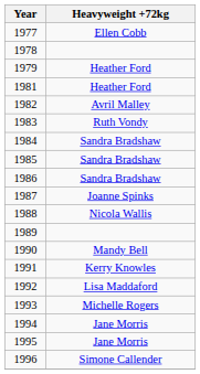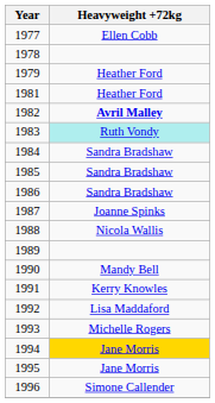 <table class="wikitable" style="text-align:center">
 <tr>
 <th width=50>Year</th>
 <th width=200>Heavyweight +72kg</th>
 </tr>
 <tr>
 <td>1977</td>
 <td><a href='#'>Ellen Cobb</a></td>
 </tr>
 <tr>
 <td>1978</td>
 <td></td>
 </tr>
 <tr>
 <td>1979</td>
 <td><a href='#'>Heather Ford</a></td>
 </tr>
 <tr>
 <td>1981</td>
 <td><a href='#'>Heather Ford</a></td>
 </tr>
 <tr>
 <td>1982</td>
-<td><a href='#'>Avril Malley</a></td>
+<td><strong><a href='#'>Avril Malley</a></strong></td>
 </tr>
 <tr>
 <td>1983</td>
-<td><a href='#'>Ruth Vondy</a></td>
+<td style="background: paleturquoise;"><a href='#'>Ruth Vondy</a></td>
 </tr>
 <tr>
 <td>1984</td>
 <td><a href='#'>Sandra Bradshaw</a></td>
 </tr>
 <tr>
 <td>1985</td>
 <td><a href='#'>Sandra Bradshaw</a></td>
 </tr>
 <tr>
 <td>1986</td>
 <td><a href='#'>Sandra Bradshaw</a></td>
 </tr>
 <tr>
 <td>1987</td>
 <td><a href='#'>Joanne Spinks</a></td>
 </tr>
 <tr>
 <td>1988</td>
 <td><a href='#'>Nicola Wallis</a></td>
 </tr>
 <tr>
 <td>1989</td>
 <td></td>
 </tr>
 <tr>
 <td>1990</td>
 <td><a href='#'>Mandy Bell</a></td>
 </tr>
 <tr>
 <td>1991</td>
 <td><a href='#'>Kerry Knowles</a></td>
 </tr>
 <tr>
 <td>1992</td>
 <td><a href='#'>Lisa Maddaford</a></td>
 </tr>
 <tr>
 <td>1993</td>
 <td><a href='#'>Michelle Rogers</a></td>
 </tr>
 <tr>
 <td>1994</td>
-<td><a href='#'>Jane Morris</a></td>
+<td style="background: gold;"><a href='#'>Jane Morris</a></td>
 </tr>
 <tr>
 <td>1995</td>
 <td><a href='#'>Jane Morris</a></td>
 </tr>
 <tr>
 <td>1996</td>
 <td><a href='#'>Simone Callender</a></td>
 </tr>
 <tr>
 </tr>
 </table>
